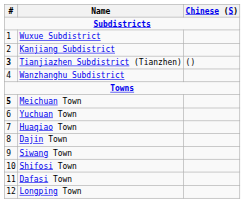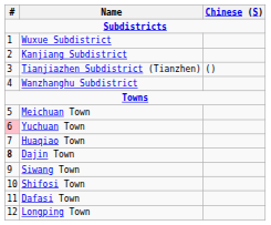 <table class="wikitable sortable">
 <tr>
 <th>#</th>
 <th>Name</th>
 <th><a href='#'>Chinese</a> (<a href='#'>S</a>)</th>
 </tr>
 <tr>
 <td style="text-align:center;" colspan="7"><strong><a href='#'>Subdistricts</a></strong></td>
 </tr>
 <tr>
 <td>1</td>
 <td><a href='#'>Wuxue Subdistrict</a></td>
 <td></td>
 </tr>
 <tr>
 <td>2</td>
 <td><a href='#'>Kanjiang Subdistrict</a></td>
 <td></td>
 </tr>
 <tr>
-<td><strong>3</strong></td>
+<td>3</td>
 <td><a href='#'>Tianjiazhen Subdistrict</a> (Tianzhen)</td>
 <td> ()</td>
 </tr>
 <tr>
 <td>4</td>
 <td><a href='#'>Wanzhanghu Subdistrict</a></td>
 <td></td>
 </tr>
 <tr>
 <td style="text-align:center;" colspan="7"><strong><a href='#'>Towns</a></strong></td>
 </tr>
 <tr>
-<td><strong>5</strong></td>
+<td>5</td>
 <td><a href='#'>Meichuan</a> Town</td>
 <td></td>
 </tr>
 <tr>
-<td>6</td>
+<td style="background: pink;">6</td>
 <td><a href='#'>Yuchuan</a> Town</td>
 <td></td>
 </tr>
 <tr>
 <td>7</td>
 <td><a href='#'>Huaqiao</a> Town</td>
 <td></td>
 </tr>
 <tr>
-<td>8</td>
+<td><strong>8</strong></td>
 <td><a href='#'>Dajin</a> Town</td>
 <td></td>
 </tr>
 <tr>
 <td>9</td>
 <td><a href='#'>Siwang</a> Town</td>
 <td></td>
 </tr>
 <tr>
 <td>10</td>
 <td><a href='#'>Shifosi</a> Town</td>
 <td></td>
 </tr>
 <tr>
 <td>11</td>
 <td><a href='#'>Dafasi</a> Town</td>
 <td></td>
 </tr>
 <tr>
 <td>12</td>
 <td><a href='#'>Longping</a> Town</td>
 <td></td>
 </tr>
 </table>
